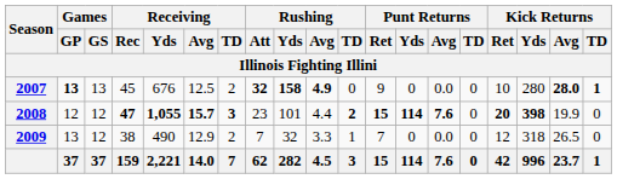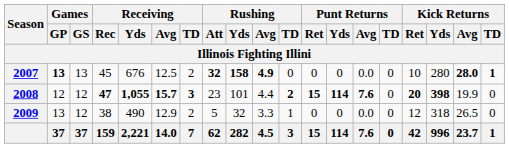 <table class=wikitable style="text-align:center;">
 <tr>
 <th rowspan="2">Season</th>
 <th colspan="2">Games</th>
 <th colspan="4">Receiving</th>
 <th colspan="4">Rushing</th>
 <th colspan="4">Punt Returns</th>
 <th colspan="4">Kick Returns</th>
 </tr>
 <tr>
 <th>GP</th>
 <th>GS</th>
 <th>Rec</th>
 <th>Yds</th>
 <th>Avg</th>
 <th>TD</th>
 <th>Att</th>
 <th>Yds</th>
 <th>Avg</th>
 <th>TD</th>
 <th>Ret</th>
 <th>Yds</th>
 <th>Avg</th>
 <th>TD</th>
 <th>Ret</th>
 <th>Yds</th>
 <th>Avg</th>
 <th>TD</th>
 </tr>
 <tr>
 <th colspan="19">Illinois Fighting Illini</th>
 </tr>
 <tr>
 <th><a href='#'>2007</a></th>
 <td><strong>13</strong></td>
 <td>13</td>
 <td>45</td>
 <td>676</td>
 <td>12.5</td>
 <td>2</td>
 <td><strong>32</strong></td>
 <td><strong>158</strong></td>
 <td><strong>4.9</strong></td>
 <td>0</td>
-<td>9</td>
+<td>0</td>
 <td>0</td>
 <td>0.0</td>
 <td>0</td>
 <td>10</td>
 <td>280</td>
 <td><strong>28.0</strong></td>
 <td><strong>1</strong></td>
 </tr>
 <tr>
 <th><a href='#'>2008</a></th>
 <td>12</td>
 <td>12</td>
 <td><strong>47</strong></td>
 <td><strong>1,055</strong></td>
 <td><strong>15.7</strong></td>
 <td><strong>3</strong></td>
 <td>23</td>
 <td>101</td>
 <td>4.4</td>
 <td><strong>2</strong></td>
 <td><strong>15</strong></td>
 <td><strong>114</strong></td>
 <td><strong>7.6</strong></td>
 <td>0</td>
 <td><strong>20</strong></td>
 <td><strong>398</strong></td>
 <td>19.9</td>
 <td>0</td>
 </tr>
 <tr>
 <th><a href='#'>2009</a></th>
 <td>13</td>
 <td>12</td>
 <td>38</td>
 <td>490</td>
 <td>12.9</td>
 <td>2</td>
-<td>7</td>
+<td>5</td>
 <td>32</td>
 <td>3.3</td>
 <td>1</td>
-<td>7</td>
+<td>0</td>
 <td>0</td>
 <td>0.0</td>
 <td>0</td>
 <td>12</td>
 <td>318</td>
 <td>26.5</td>
 <td>0</td>
 </tr>
 <tr>
 <th></th>
 <th>37</th>
 <th>37</th>
 <th>159</th>
 <th>2,221</th>
 <th>14.0</th>
 <th>7</th>
 <th>62</th>
 <th>282</th>
 <th>4.5</th>
 <th>3</th>
 <th>15</th>
 <th>114</th>
 <th>7.6</th>
 <th>0</th>
 <th>42</th>
 <th>996</th>
 <th>23.7</th>
 <th>1</th>
 </tr>
 </table>
